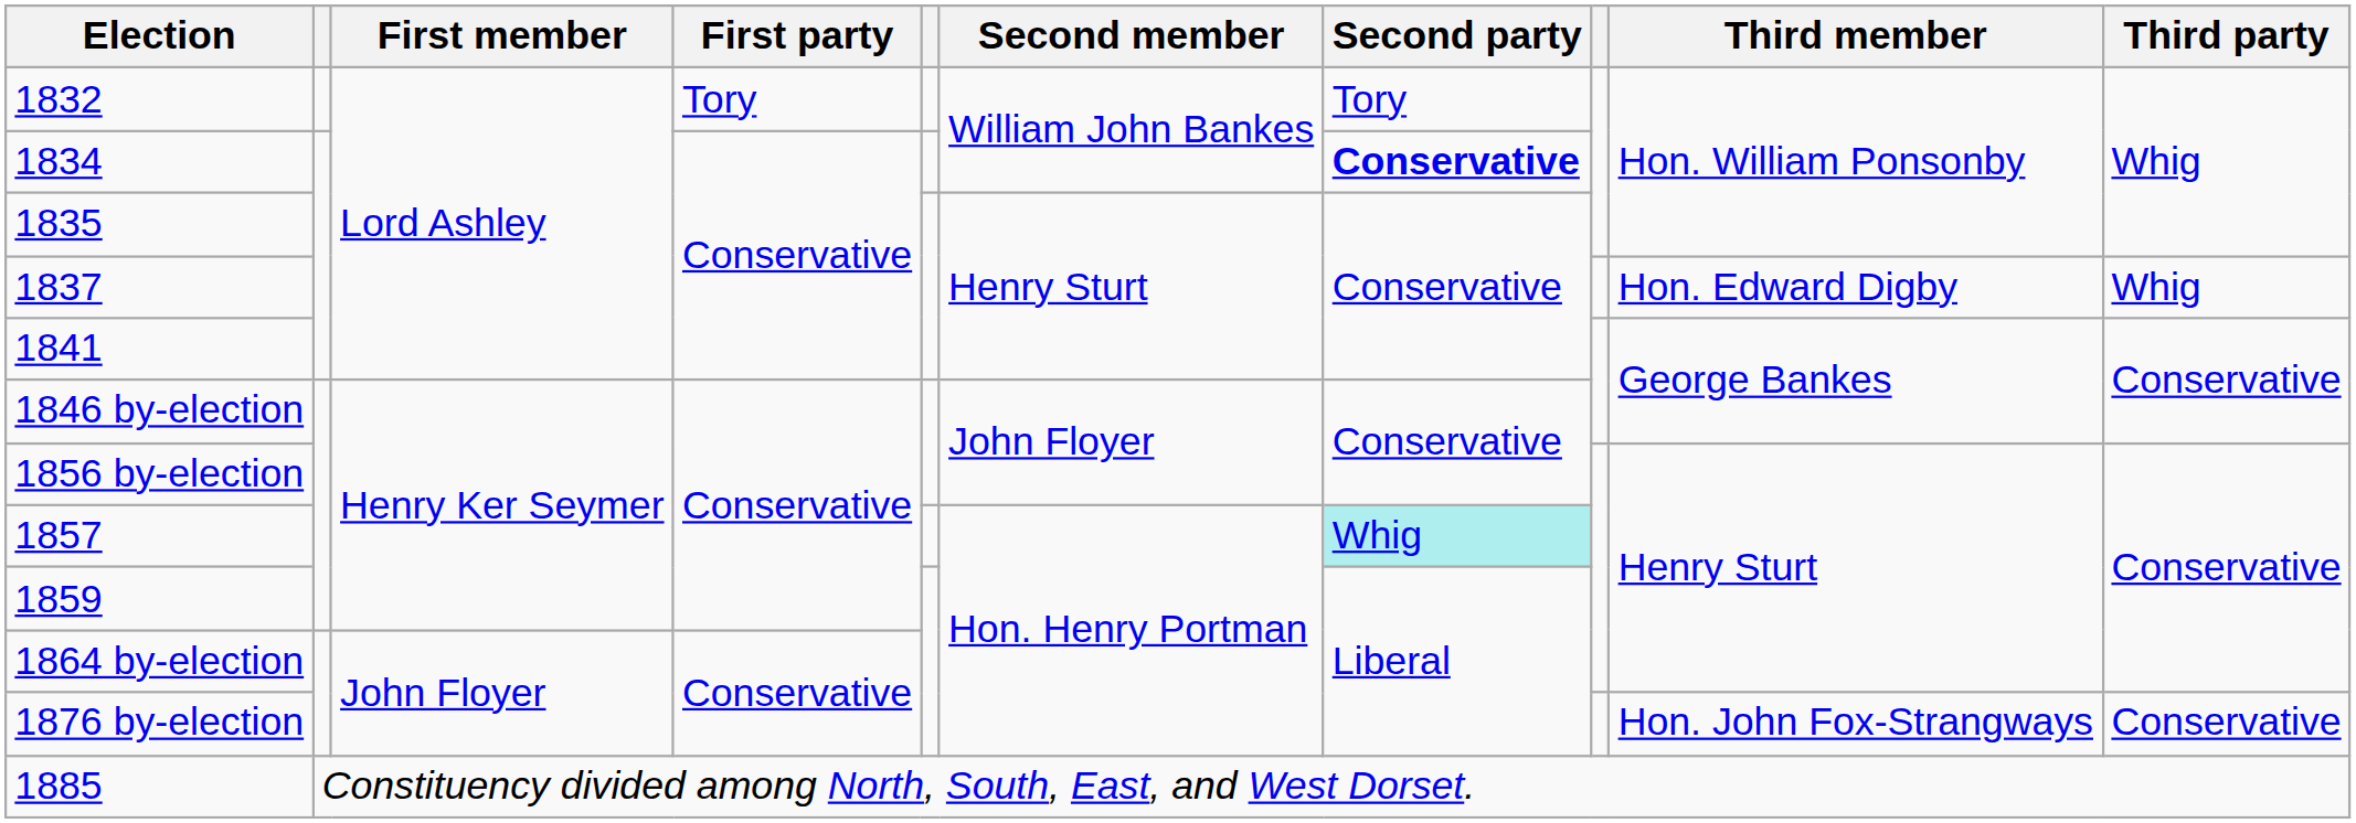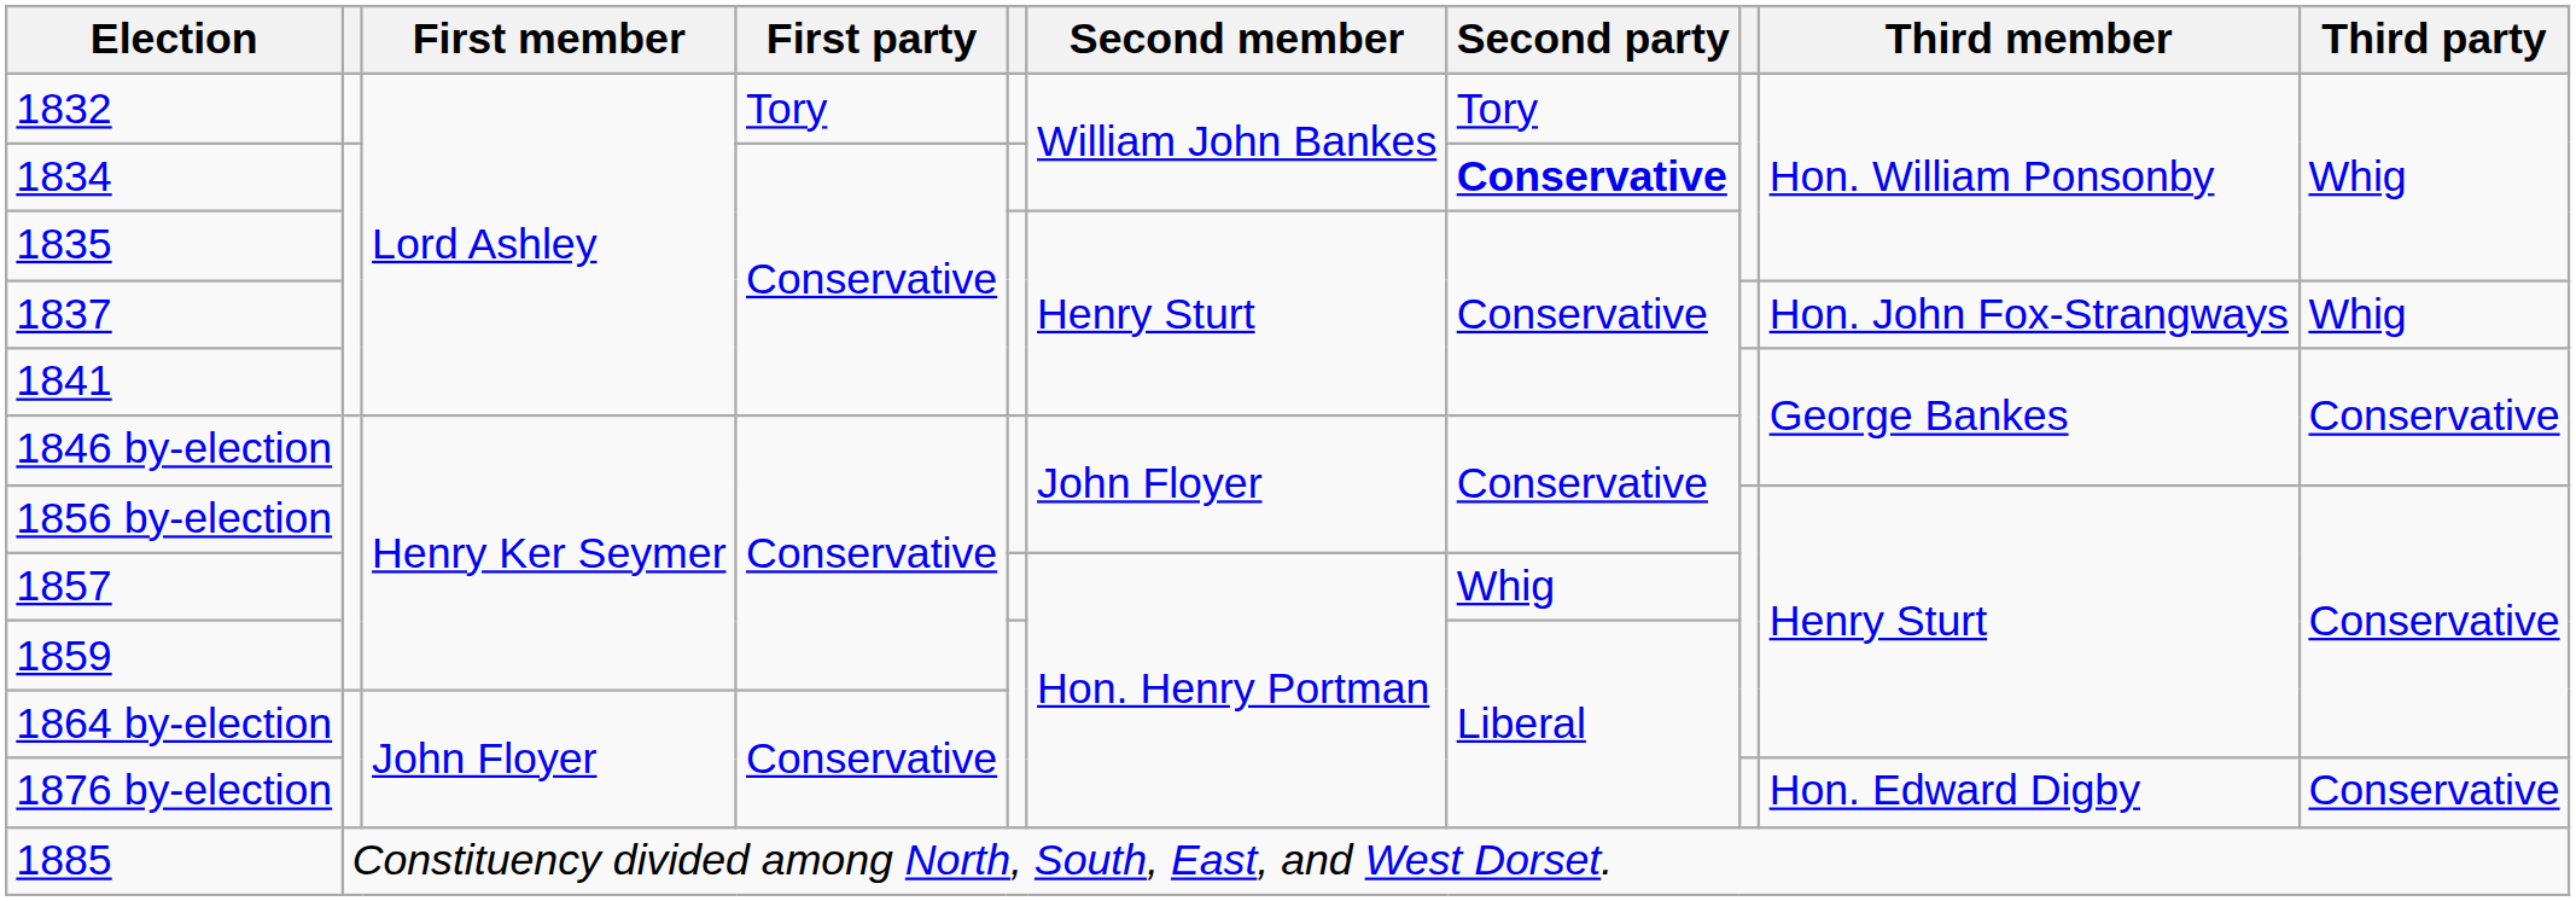 <table class="wikitable">
 <tr>
 <th>Election</th>
 <th></th>
 <th>First member</th>
 <th>First party</th>
 <th></th>
 <th>Second member</th>
 <th>Second party</th>
 <th></th>
 <th>Third member</th>
 <th>Third party</th>
 </tr>
 <tr>
 <td><a href='#'>1832</a></td>
 <td style="color:inherit;background-color: "></td>
 <td rowspan="5"><a href='#'>Lord Ashley</a></td>
 <td><a href='#'>Tory</a></td>
 <td style="color:inherit;background-color: "></td>
 <td rowspan="2"><a href='#'>William John Bankes</a></td>
 <td><a href='#'>Tory</a></td>
 <td rowspan="3" style="color:inherit;background-color: "></td>
 <td rowspan="3"><a href='#'>Hon. William Ponsonby</a></td>
 <td rowspan="3"><a href='#'>Whig</a></td>
 </tr>
 <tr>
 <td><a href='#'>1834</a></td>
 <td rowspan="4" style="color:inherit;background-color: "></td>
 <td rowspan="4"><a href='#'>Conservative</a></td>
 <td style="color:inherit;background-color: "></td>
 <td><strong><a href='#'>Conservative</a></strong></td>
 </tr>
 <tr>
 <td><a href='#'>1835</a></td>
 <td rowspan="3" style="color:inherit;background-color: "></td>
 <td rowspan="3"><a href='#'>Henry Sturt</a></td>
 <td rowspan="3"><a href='#'>Conservative</a></td>
 </tr>
 <tr>
 <td><a href='#'>1837</a></td>
 <td style="color:inherit;background-color: "></td>
-<td><a href='#'>Hon. Edward Digby</a></td>
+<td><a href='#'>Hon. John Fox-Strangways</a></td>
 <td><a href='#'>Whig</a></td>
 </tr>
 <tr>
 <td><a href='#'>1841</a></td>
 <td rowspan="2" style="color:inherit;background-color: "></td>
 <td rowspan="2"><a href='#'>George Bankes</a></td>
 <td rowspan="2"><a href='#'>Conservative</a></td>
 </tr>
 <tr>
 <td><a href='#'>1846 by-election</a></td>
 <td rowspan="4" style="color:inherit;background-color: "></td>
 <td rowspan="4"><a href='#'>Henry Ker Seymer</a></td>
 <td rowspan="4"><a href='#'>Conservative</a></td>
 <td rowspan="2" style="color:inherit;background-color: "></td>
 <td rowspan="2"><a href='#'>John Floyer</a></td>
 <td rowspan="2"><a href='#'>Conservative</a></td>
 </tr>
 <tr>
 <td><a href='#'>1856 by-election</a></td>
 <td rowspan="4" style="color:inherit;background-color: "></td>
 <td rowspan="4"><a href='#'>Henry Sturt</a></td>
 <td rowspan="4"><a href='#'>Conservative</a></td>
 </tr>
 <tr>
 <td><a href='#'>1857</a></td>
 <td style="color:inherit;background-color: "></td>
 <td rowspan="4"><a href='#'>Hon. Henry Portman</a></td>
-<td style="background: paleturquoise;"><a href='#'>Whig</a></td>
+<td><a href='#'>Whig</a></td>
 </tr>
 <tr>
 <td><a href='#'>1859</a></td>
 <td rowspan="3" style="color:inherit;background-color: "></td>
 <td rowspan="3"><a href='#'>Liberal</a></td>
 </tr>
 <tr>
 <td><a href='#'>1864 by-election</a></td>
 <td rowspan="2" style="color:inherit;background-color: "></td>
 <td rowspan="2"><a href='#'>John Floyer</a></td>
 <td rowspan="2"><a href='#'>Conservative</a></td>
 </tr>
 <tr>
 <td><a href='#'>1876 by-election</a></td>
 <td style="color:inherit;background-color: "></td>
-<td><a href='#'>Hon. John Fox-Strangways</a></td>
+<td><a href='#'>Hon. Edward Digby</a></td>
 <td><a href='#'>Conservative</a></td>
 </tr>
 <tr>
 <td><a href='#'>1885</a></td>
 <td colspan="9"><em>Constituency divided among <a href='#'>North</a>, <a href='#'>South</a>, <a href='#'>East</a>, and <a href='#'>West Dorset</a>.</em></td>
 </tr>
 </table>
